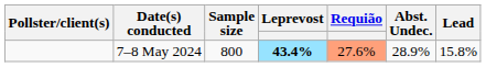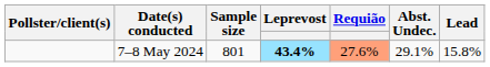 <table class="wikitable" style="text-align:center;font-size:90%;line-height:14px;">
 <tr>
 <th rowspan="2">Pollster/client(s)</th>
 <th rowspan="2">Date(s)<br>conducted</th>
 <th rowspan="2">Sample<br>size</th>
 <th class="unsortable" style="width:50px;">Leprevost<br></th>
 <th class="unsortable" style="width:50px;"><a href='#'>Requião</a><br></th>
 <th rowspan="2">Abst.<br>Undec.</th>
 <th rowspan="2">Lead</th>
 </tr>
 <tr>
 <th data-sort-type="number" class="sortable" style="background:"></th>
 <th data-sort-type="number" class="sortable" style="background:"></th>
 </tr>
 <tr>
 <td></td>
 <td>7–8 May 2024</td>
-<td>800</td>
+<td>801</td>
 <td style="background:#97e3ff;"><strong>43.4%</strong></td>
 <td style="background: lightsalmon;">27.6%</td>
-<td>28.9%</td>
+<td>29.1%</td>
 <td style="background:">15.8%</td>
 </tr>
 </table>
